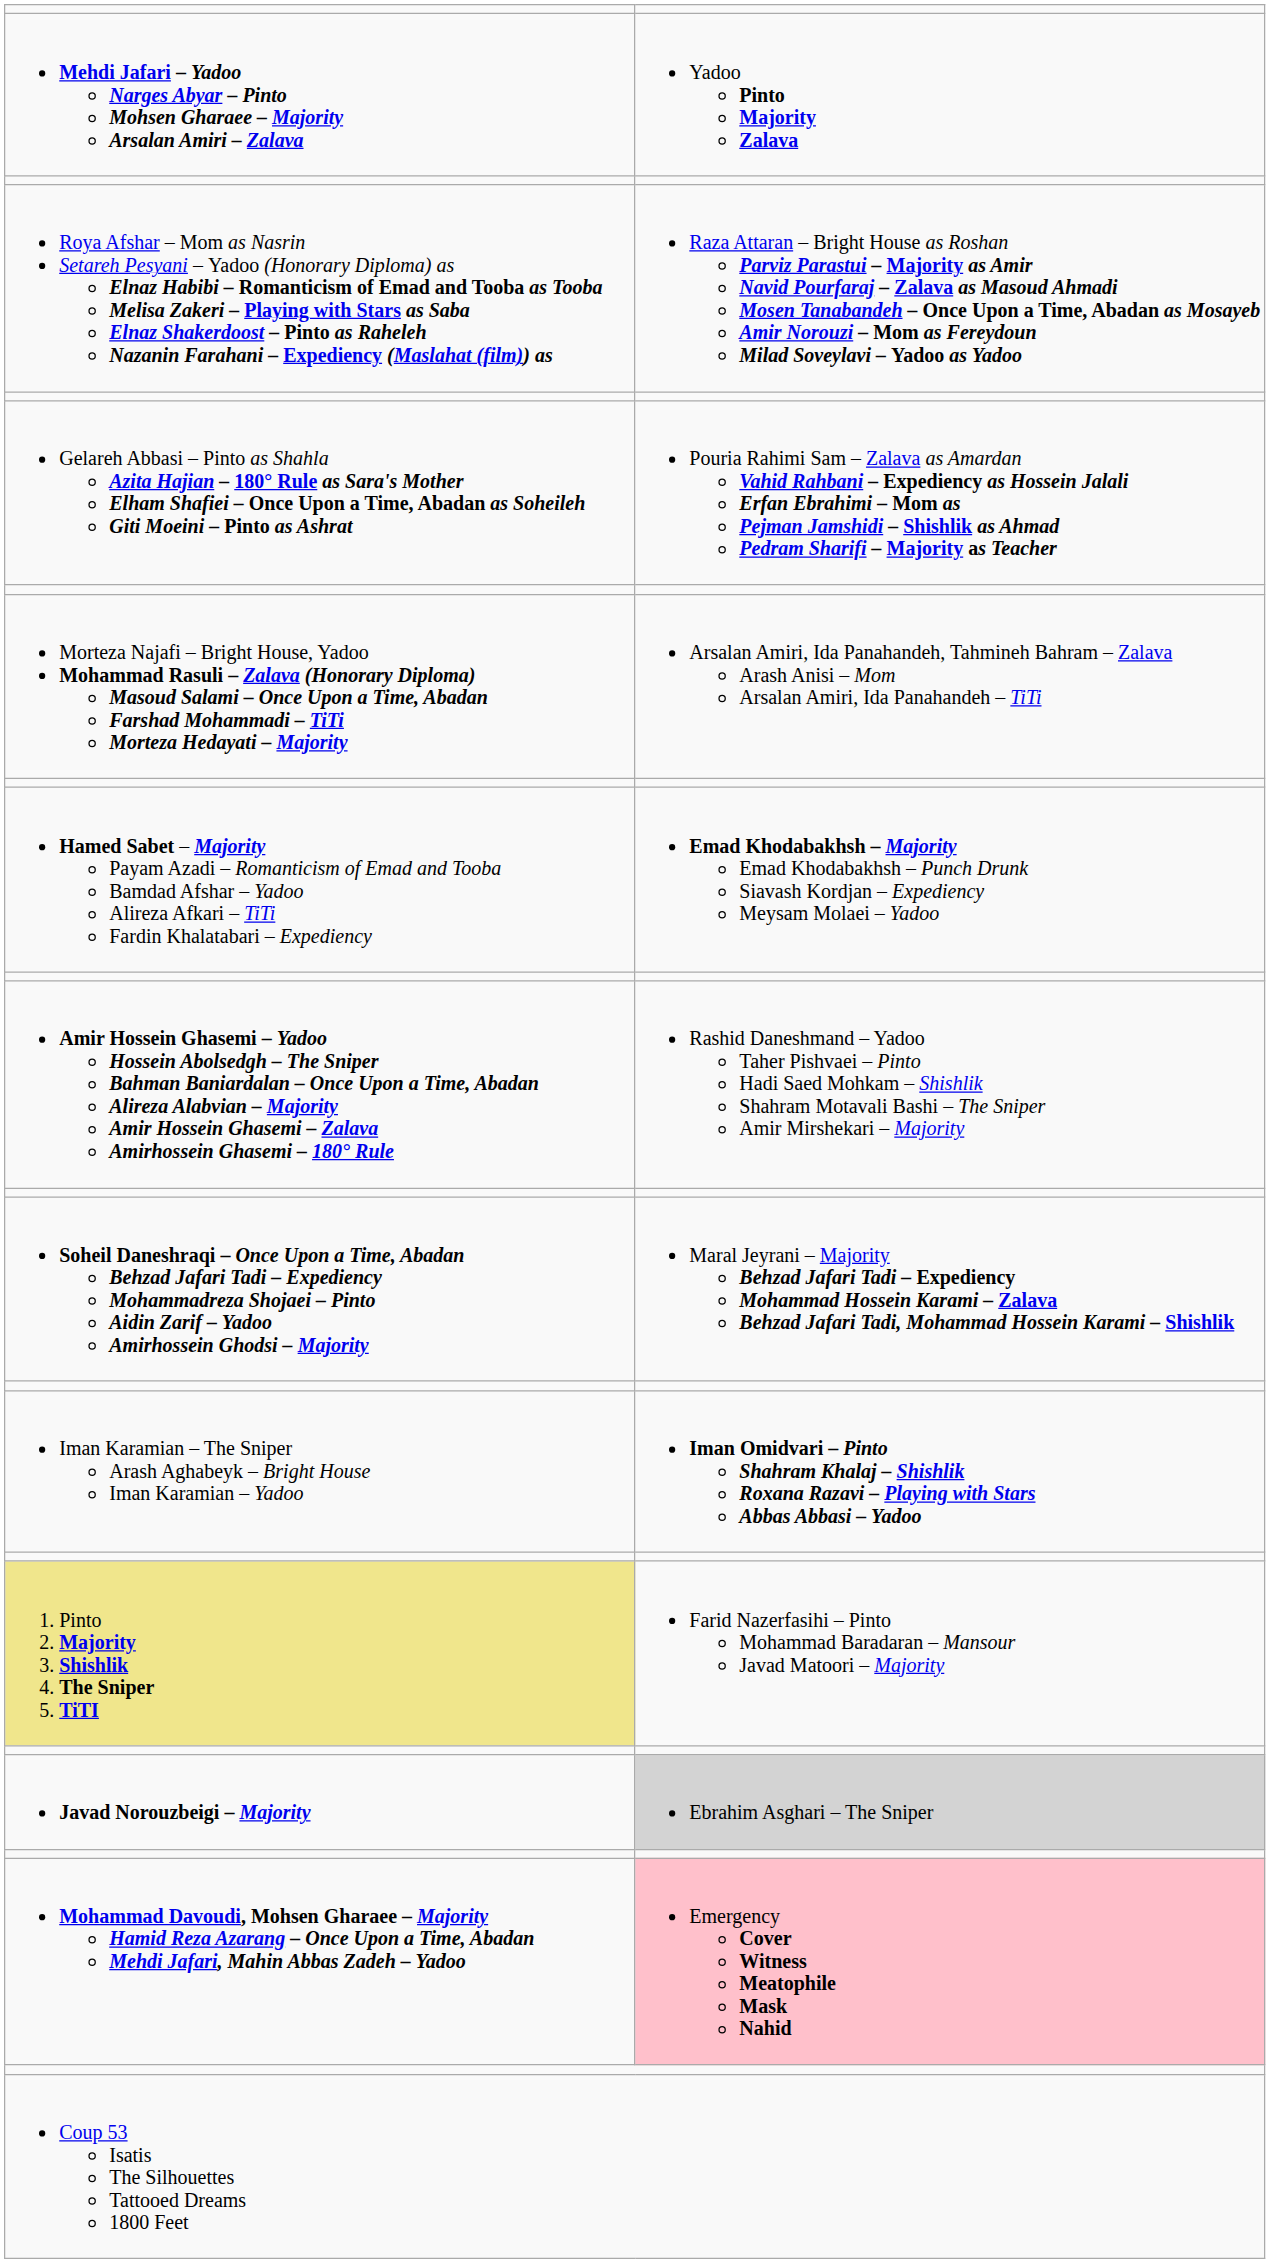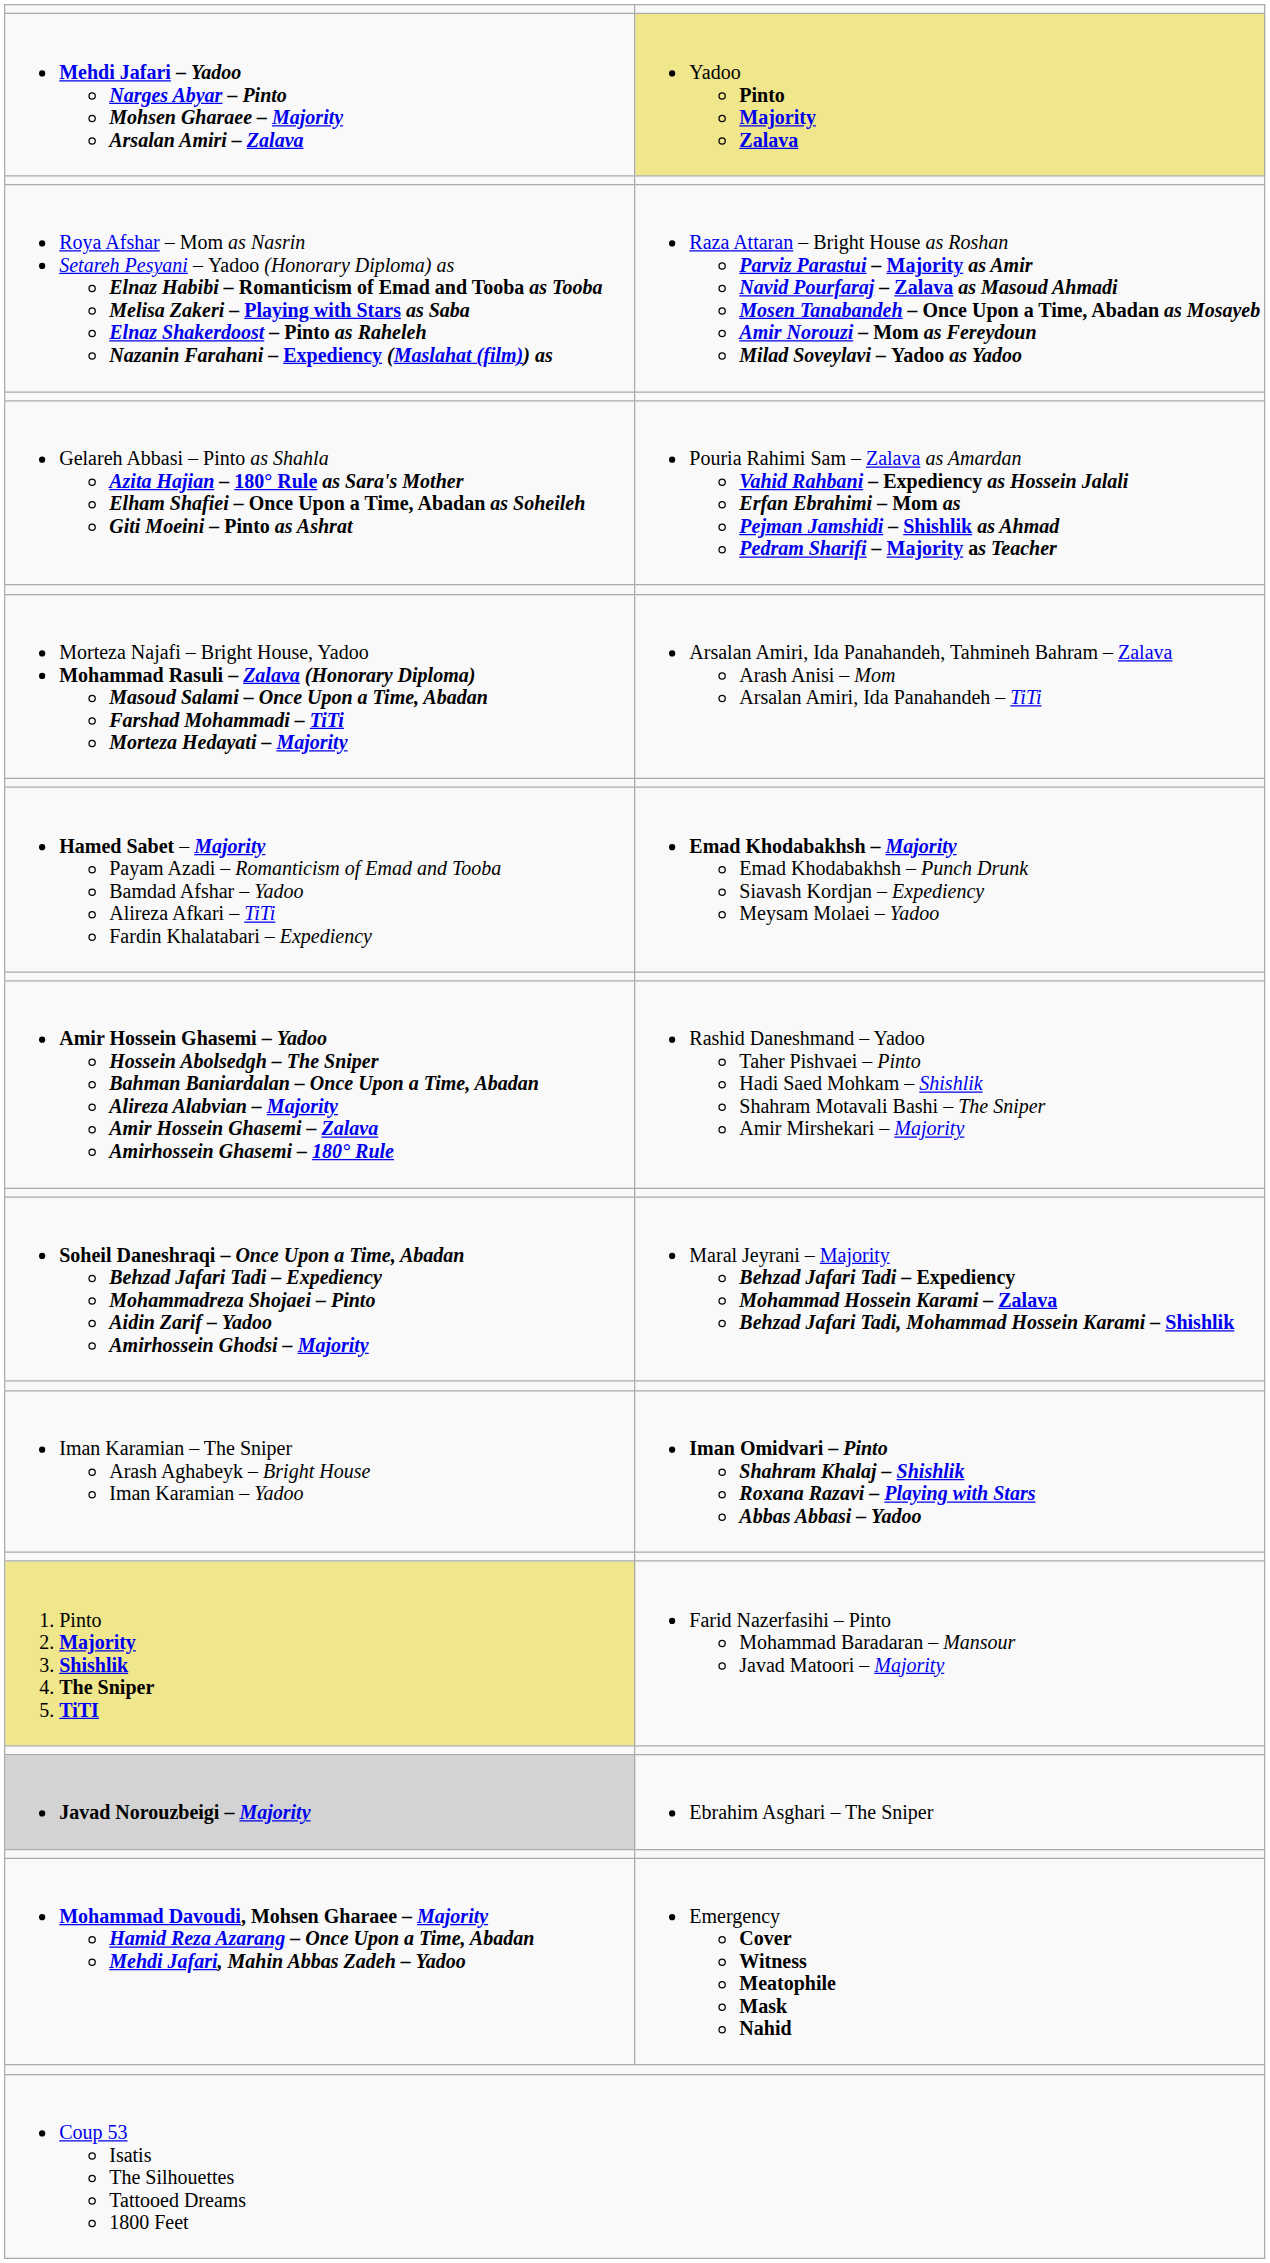 <table class="wikitable">
 <tr>
 <td style="vertical-align:top; width:50%;"></td>
 <td style="vertical-align:top; width:50%;"></td>
 </tr>
 <tr>
 <td valign="top"><br><ul><li><strong><a href='#'>Mehdi Jafari</a></strong> <strong>– <em>Yadoo<strong><em><ul><li><a href='#'>Narges Abyar</a> – </em>Pinto<em></li><li>Mohsen Gharaee – </em><a href='#'>Majority</a><em></li><li>Arsalan Amiri – </em><a href='#'>Zalava</a><em></li></ul></li></ul></td>
-<td valign="top"><br><ul><li></em></strong>Yadoo<strong><em><ul><li></em>Pinto<em></li><li></em><a href='#'>Majority</a><em></li><li></em><a href='#'>Zalava</a><em></li></ul></li></ul></td>
+<td valign="top" style="background: khaki;"><br><ul><li></em></strong>Yadoo<strong><em><ul><li></em>Pinto<em></li><li></em><a href='#'>Majority</a><em></li><li></em><a href='#'>Zalava</a><em></li></ul></li></ul></td>
 </tr>
 <tr>
 <td style="vertical-align:top; width:50%;"></td>
 <td style="vertical-align:top; width:50%;"></td>
 </tr>
 <tr>
 <td valign="top"><br><ul><li></strong><a href='#'>Roya Afshar</a> – </em>Mom<em> as Nasrin<strong></li><li></strong><a href='#'>Setareh Pesyani</a><strong> </strong>– </em>Yadoo<em> (Honorary Diploma) as<strong><ul><li>Elnaz Habibi – </em>Romanticism of Emad and Tooba<em> as Tooba</li><li>Melisa Zakeri – </em><a href='#'>Playing with Stars</a><em> as Saba</li><li><a href='#'>Elnaz Shakerdoost</a> – </em>Pinto<em> as Raheleh</li><li>Nazanin Farahani – </em><a href='#'>Expediency</a><em> (<a href='#'>Maslahat (film)</a>) as</li></ul></li></ul></td>
 <td valign="top"><br><ul><li></strong><a href='#'>Raza Attaran</a> – </em>Bright House<em> as Roshan<strong><ul><li><a href='#'>Parviz Parastui</a> – </em><a href='#'>Majority</a><em> as Amir</li><li><a href='#'>Navid Pourfaraj</a> – </em><a href='#'>Zalava</a><em> as Masoud Ahmadi</li><li><a href='#'>Mosen Tanabandeh</a> – </em>Once Upon a Time, Abadan<em> as Mosayeb</li><li><a href='#'>Amir Norouzi</a> – </em>Mom<em> as Fereydoun</li><li>Milad Soveylavi – </em>Yadoo<em> as Yadoo</li></ul></li></ul></td>
 </tr>
 <tr>
 <td style="vertical-align:top; width:50%;"></td>
 <td style="vertical-align:top; width:50%;"></td>
 </tr>
 <tr>
 <td valign="top"><br><ul><li></strong>Gelareh Abbasi<strong> </strong>– </em>Pinto<em> as Shahla<strong><ul><li><a href='#'>Azita Hajian</a> – <a href='#'></em>180° Rule<em></a> as Sara's Mother</li><li>Elham Shafiei – </em>Once Upon a Time, Abadan<em> as Soheileh</li><li>Giti Moeini – </em>Pinto<em> as Ashrat</li></ul></li></ul></td>
 <td valign="top"><br><ul><li></strong>Pouria Rahimi Sam – </em><a href='#'>Zalava</a><em> as Amardan<strong><ul><li><a href='#'>Vahid Rahbani</a> – </em>Expediency<em> as Hossein Jalali</li><li>Erfan Ebrahimi – </em>Mom<em> as</li><li><a href='#'>Pejman Jamshidi</a> – </em><a href='#'>Shishlik</a><em> as Ahmad</li><li><a href='#'>Pedram Sharifi</a> – </em><a href='#'>Majority</a> a<em>s Teacher</li></ul></li></ul></td>
 </tr>
 <tr>
 <td style="vertical-align:top; width:50%;"></td>
 <td style="vertical-align:top; width:50%;"></td>
 </tr>
 <tr>
 <td valign="top"><br><ul><li></strong>Morteza Najafi<strong> </strong>– Bright House</em>, Yadoo</em></strong></li><li><strong>Mohammad Rasuli – <em><a href='#'>Zalava</a><strong><em> </strong>(Honorary Diploma)<strong><ul><li>Masoud Salami – </em>Once Upon a Time, Abadan<em></li><li>Farshad Mohammadi – </em><a href='#'>TiTi</a><em></li><li>Morteza Hedayati – </em><a href='#'>Majority</a><em></li></ul></li></ul></td>
 <td valign="top"><br><ul><li></strong>Arsalan Amiri, Ida Panahandeh, Tahmineh Bahram<strong> </strong>– </em><a href='#'>Zalava</a></em></strong><ul><li>Arash Anisi – <em>Mom</em></li><li>Arsalan Amiri, Ida Panahandeh – <em><a href='#'>TiTi</a></em></li></ul></li></ul></td>
 </tr>
 <tr>
 <td style="vertical-align:top; width:50%;"></td>
 <td style="vertical-align:top; width:50%;"></td>
 </tr>
 <tr>
 <td valign="top"><br><ul><li><strong>Hamed Sabet</strong> – <strong><a href='#'><em>Majority</em></a></strong><ul><li>Payam Azadi – <em>Romanticism of Emad and Tooba</em></li><li>Bamdad Afshar – <em>Yadoo</em></li><li>Alireza Afkari – <em><a href='#'>TiTi</a></em></li><li>Fardin Khalatabari – <em>Expediency</em></li></ul></li></ul></td>
 <td valign="top"><br><ul><li><strong>Emad Khodabakhsh</strong> <strong>– <a href='#'><em>Majority</em></a></strong><ul><li>Emad Khodabakhsh – <em>Punch Drunk</em></li><li>Siavash Kordjan – <em>Expediency</em></li><li>Meysam Molaei – <em>Yadoo</em></li></ul></li></ul></td>
 </tr>
 <tr>
 <td style="vertical-align:top; width:50%;"></td>
 <td style="vertical-align:top; width:50%;"></td>
 </tr>
 <tr>
 <td valign="top"><br><ul><li><strong>Amir Hossein Ghasemi</strong> <strong>– <em>Yadoo<strong><em><ul><li>Hossein Abolsedgh – </em>The Sniper<em></li><li>Bahman Baniardalan – </em>Once Upon a Time, Abadan<em></li><li>Alireza Alabvian – </em><a href='#'>Majority</a><em></li><li>Amir Hossein Ghasemi – </em><a href='#'>Zalava</a><em></li><li>Amirhossein Ghasemi – <a href='#'></em>180° Rule<em></a></li></ul></li></ul></td>
 <td valign="top"><br><ul><li></strong>Rashid Daneshmand<strong> </strong>– </em>Yadoo</em></strong><ul><li>Taher Pishvaei – <em>Pinto</em></li><li>Hadi Saed Mohkam – <em><a href='#'>Shishlik</a></em></li><li>Shahram Motavali Bashi – <em>The Sniper</em></li><li>Amir Mirshekari – <em><a href='#'>Majority</a></em></li></ul></li></ul></td>
 </tr>
 <tr>
 <td style="vertical-align:top; width:50%;"></td>
 <td style="vertical-align:top; width:50%;"></td>
 </tr>
 <tr>
 <td valign="top"><br><ul><li><strong>Soheil Daneshraqi – <em>Once Upon a Time, Abadan<strong><em><ul><li>Behzad Jafari Tadi – </em>Expediency<em></li><li>Mohammadreza Shojaei – </em>Pinto<em></li><li>Aidin Zarif – </em>Yadoo<em></li><li>Amirhossein Ghodsi – </em><a href='#'>Majority</a><em></li></ul></li></ul></td>
 <td valign="top"><br><ul><li></strong>Maral Jeyrani<strong> </strong>– <a href='#'></em>Majority<em></a><strong><ul><li>Behzad Jafari Tadi – </em>Expediency<em></li><li>Mohammad Hossein Karami – </em><a href='#'>Zalava</a><em></li><li>Behzad Jafari Tadi, Mohammad Hossein Karami – </em><a href='#'>Shishlik</a><em></li></ul></li></ul></td>
 </tr>
 <tr>
 <td style="vertical-align:top; width:50%;"></td>
 <td style="vertical-align:top; width:50%;"></td>
 </tr>
 <tr>
 <td valign="top"><br><ul><li></strong>Iman Karamian – </em>The Sniper</em></strong><ul><li>Arash Aghabeyk – <em>Bright House</em></li><li>Iman Karamian – <em>Yadoo</em></li></ul></li></ul></td>
 <td valign="top"><br><ul><li><strong>Iman Omidvari – <em>Pinto<strong><em><ul><li>Shahram Khalaj – </em><a href='#'>Shishlik</a><em></li><li>Roxana Razavi – </em><a href='#'>Playing with Stars</a><em></li><li>Abbas Abbasi – </em>Yadoo<em></li></ul></li></ul></td>
 </tr>
 <tr>
 <td style="vertical-align:top; width:50%;"></td>
 <td style="vertical-align:top; width:50%;"></td>
 </tr>
 <tr>
 <td valign="top" style="background: khaki;"><br><ol><li></em></strong>Pinto<strong><em></li><li></em><a href='#'>Majority</a><em></li><li></em><a href='#'>Shishlik</a><em></li><li></em>The Sniper<em></li><li></em><a href='#'>TiTI</a><em></li></ol></td>
 <td valign="top"><br><ul><li></strong>Farid Nazerfasihi<strong> </strong>– </em>Pinto</em></strong><ul><li>Mohammad Baradaran – <em>Mansour</em></li><li>Javad Matoori – <em><a href='#'>Majority</a></em></li></ul></li></ul></td>
 </tr>
 <tr>
 <td style="vertical-align:top; width:50%;"></td>
 <td style="vertical-align:top; width:50%;"></td>
 </tr>
 <tr>
-<td valign="top"><br><ul><li><strong>Javad Norouzbeigi – <em><a href='#'>Majority</a><strong><em></li></ul></td>
-<td valign="top" style="background: lightgrey;"><br><ul><li></strong>Ebrahim Asghari – </em>The Sniper</em></strong></li></ul></td>
+<td valign="top" style="background: lightgrey;"><br><ul><li><strong>Javad Norouzbeigi – <em><a href='#'>Majority</a><strong><em></li></ul></td>
+<td valign="top"><br><ul><li></strong>Ebrahim Asghari – </em>The Sniper</em></strong></li></ul></td>
 </tr>
 <tr>
 <td style="vertical-align:top; width:50%;"></td>
 <td></td>
 </tr>
 <tr>
 <td valign="top"><br><ul><li><strong><a href='#'>Mohammad Davoudi</a>, Mohsen Gharaee – <em><a href='#'>Majority</a><strong><em><ul><li><a href='#'>Hamid Reza Azarang</a> – </em>Once Upon a Time, Abadan<em></li><li><a href='#'>Mehdi Jafari</a>, Mahin Abbas Zadeh – </em>Yadoo<em></li></ul></li></ul></td>
-<td valign="top" style="background: pink;"><br><ul><li></em></strong>Emergency<strong><em><ul><li></em>Cover<em></li><li></em>Witness<em></li><li></em>Meatophile<em></li><li></em>Mask<em></li><li></em>Nahid<em></li></ul></li></ul></td>
+<td valign="top"><br><ul><li></em></strong>Emergency<strong><em><ul><li></em>Cover<em></li><li></em>Witness<em></li><li></em>Meatophile<em></li><li></em>Mask<em></li><li></em>Nahid<em></li></ul></li></ul></td>
 </tr>
 <tr>
 <td colspan="2" style="vertical-align:top; width:50%;"></td>
 </tr>
 <tr>
 <td colspan="2"><br><ul><li></em><a href='#'>Coup 53</a><em><ul><li></em>Isatis<em></li><li></em>The Silhouettes<em></li><li></em>Tattooed Dreams<em></li><li></em>1800 Feet<em></li></ul></li></ul></td>
 </tr>
 </table>
